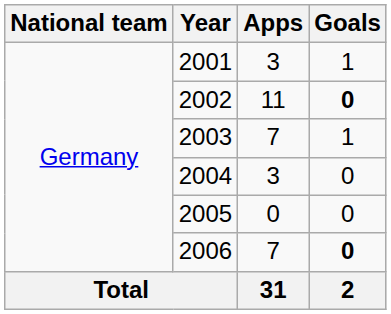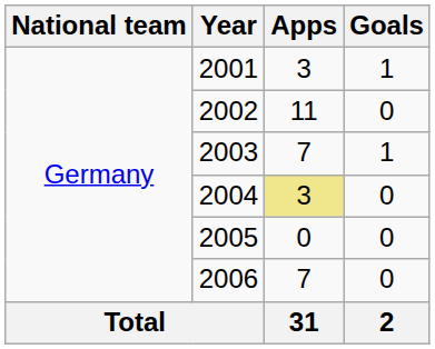 <table class="wikitable" style="text-align:center">
 <tr>
 <th>National team</th>
 <th>Year</th>
 <th>Apps</th>
 <th>Goals</th>
 </tr>
 <tr>
 <td rowspan="6"><a href='#'>Germany</a></td>
 <td>2001</td>
 <td>3</td>
 <td>1</td>
 </tr>
 <tr>
 <td>2002</td>
 <td>11</td>
-<td><strong>0</strong></td>
+<td>0</td>
 </tr>
 <tr>
 <td>2003</td>
 <td>7</td>
 <td>1</td>
 </tr>
 <tr>
 <td>2004</td>
-<td>3</td>
+<td style="background: khaki;">3</td>
 <td>0</td>
 </tr>
 <tr>
 <td>2005</td>
 <td>0</td>
 <td>0</td>
 </tr>
 <tr>
 <td>2006</td>
 <td>7</td>
-<td><strong>0</strong></td>
+<td>0</td>
 </tr>
 <tr>
 <th colspan="2">Total</th>
 <th>31</th>
 <th>2</th>
 </tr>
 </table>
